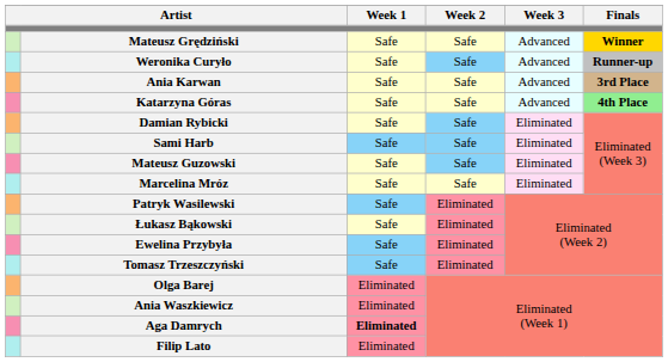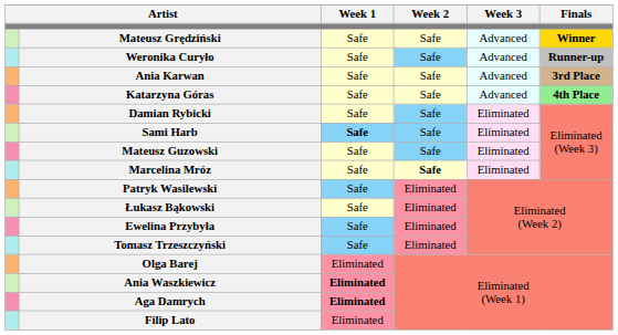 <table class="wikitable" style="text-align:center; width:65%;">
 <tr>
 </tr>
 <tr>
 <th colspan="2">Artist</th>
 <th style="width:12%;">Week 1</th>
 <th style="width:12%;">Week 2</th>
 <th style="width:12%;">Week 3</th>
 <th style="width:12%;">Finals</th>
 </tr>
 <tr>
 <th colspan="6" style="background:gray;"></th>
 </tr>
 <tr>
 <td style="background:#d0f0c0;"></td>
 <th>Mateusz Grędziński</th>
 <td style="background:#ffc;">Safe</td>
 <td style="background:#ffc;">Safe</td>
 <td style="background:#E7FEFF;">Advanced</td>
 <th style="background:gold;">Winner</th>
 </tr>
 <tr>
 <td style="background:#afeeee;"></td>
 <th>Weronika Curyło</th>
 <td style="background:#ffc;">Safe</td>
 <td style="background:#87D3F8;">Safe</td>
 <td style="background:#E7FEFF;">Advanced</td>
 <th style="background:silver;">Runner-up</th>
 </tr>
 <tr>
 <td style="background:#fbb46e;"></td>
 <th>Ania Karwan</th>
 <td style="background:#ffc;">Safe</td>
 <td style="background:#ffc;">Safe</td>
 <td style="background:#E7FEFF;">Advanced</td>
 <th style="background:tan;">3rd Place</th>
 </tr>
 <tr>
 <th style="background:#F78FB2;"></th>
 <th>Katarzyna Góras</th>
 <td style="background:#ffc;">Safe</td>
 <td style="background:#ffc;">Safe</td>
 <td style="background:#E7FEFF;">Advanced</td>
 <th style="background:lightgreen;">4th Place</th>
 </tr>
 <tr>
 <th style="background:#fbb46e;"></th>
 <th>Damian Rybicki</th>
 <td style="background:#ffc;">Safe</td>
 <td style="background:#87D3F8;">Safe</td>
 <td style="background:#FFDDF4;">Eliminated</td>
 <td colspan="1" rowspan="4" style="background:salmon;">Eliminated<br>(Week 3)</td>
 </tr>
 <tr>
 <th style="background:#d0f0c0;"></th>
 <th>Sami Harb</th>
-<td style="background:#87D3F8;">Safe</td>
+<td style="background:#87D3F8;"><strong>Safe</strong></td>
 <td style="background:#87D3F8;">Safe</td>
 <td style="background:#FFDDF4;">Eliminated</td>
 </tr>
 <tr>
 <th style="background:#F78FB2;"></th>
 <th>Mateusz Guzowski</th>
 <td style="background:#ffc;">Safe</td>
 <td style="background:#87D3F8;">Safe</td>
 <td style="background:#FFDDF4;">Eliminated</td>
 </tr>
 <tr>
 <th style="background:#afeeee;"></th>
 <th>Marcelina Mróz</th>
 <td style="background:#ffc;">Safe</td>
-<td style="background:#ffc;">Safe</td>
+<td style="background:#ffc;"><strong>Safe</strong></td>
 <td style="background:#FFDDF4;">Eliminated</td>
 </tr>
 <tr>
 <th style="background:#fbb46e;"></th>
 <th>Patryk Wasilewski</th>
 <td style="background:#87D3F8;">Safe</td>
 <td style="background:#FF91A4;">Eliminated</td>
 <td colspan="4" rowspan="4" style="background:salmon;">Eliminated<br>(Week 2)</td>
 </tr>
 <tr>
 <th style="background:#d0f0c0;"></th>
 <th>Łukasz Bąkowski</th>
 <td style="background:#ffc;">Safe</td>
 <td style="background:#FF91A4;">Eliminated</td>
 </tr>
 <tr>
 <th style="background:#F78FB2;"></th>
 <th>Ewelina Przybyła</th>
 <td style="background:#87D3F8;">Safe</td>
 <td style="background:#FF91A4;">Eliminated</td>
 </tr>
 <tr>
 <th style="background:#afeeee;"></th>
 <th>Tomasz Trzeszczyński</th>
 <td style="background:#87D3F8;">Safe</td>
 <td style="background:#FF91A4;">Eliminated</td>
 </tr>
 <tr>
 <th style="background:#fbb46e;"></th>
 <th>Olga Barej</th>
 <td style="background:#FF91A4;">Eliminated</td>
 <td colspan="4" rowspan="8" style="background:salmon;">Eliminated<br>(Week 1)</td>
 </tr>
 <tr>
 <th style="background:#d0f0c0;"></th>
 <th>Ania Waszkiewicz</th>
-<td style="background:#FF91A4;">Eliminated</td>
+<td style="background:#FF91A4;"><strong>Eliminated</strong></td>
 </tr>
 <tr>
 <th style="background:#F78FB2;"></th>
 <th>Aga Damrych</th>
 <td style="background:#FF91A4;"><strong>Eliminated</strong></td>
 </tr>
 <tr>
 <th style="background:#afeeee;"></th>
 <th>Filip Lato</th>
 <td style="background:#FF91A4;">Eliminated</td>
 </tr>
 </table>
